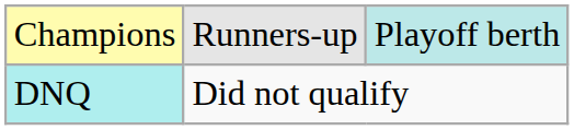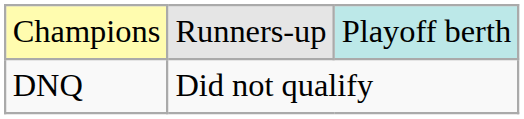 <table class="wikitable" style="font-size:90%;">
 <tr>
 <td align="center" bgcolor="FFFCAF">Champions</td>
 <td align="center" bgcolor="E5E5E5">Runners-up</td>
 <td align="center" bgcolor="bce8e8">Playoff berth</td>
 </tr>
 <tr>
-<td style="background: paleturquoise;">DNQ</td>
+<td>DNQ</td>
 <td colspan="2">Did not qualify</td>
 </tr>
 </table>
